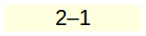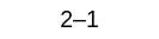 <table style="text-align:center">
 <tr>
 <th width=200></th>
 <th width=100></th>
 <th width=200></th>
 </tr>
 <tr>
 <td align=right></td>
-<td style="background: lightyellow;">2–1</td>
+<td>2–1</td>
 <td align=left></td>
 </tr>
 </table>
